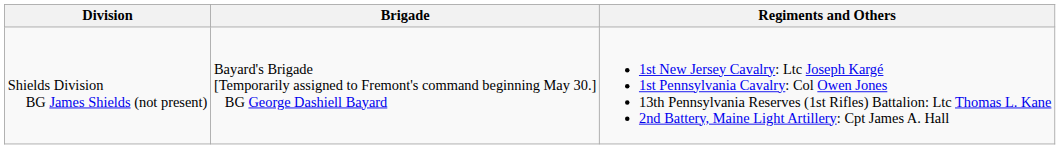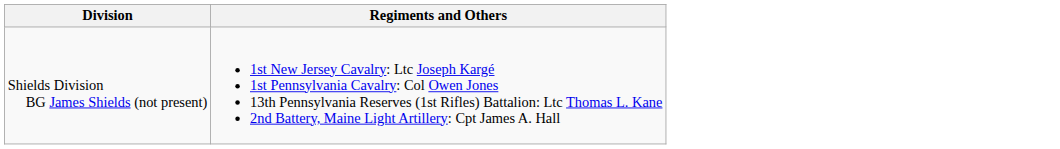 <table class="wikitable">
 <tr>
 <th>Division</th>
-<th>Brigade</th>
 <th>Regiments and Others</th>
 </tr>
 <tr>
 <td><br>Shields Division <br>     BG <a href='#'>James Shields</a> (not present)</td>
-<td>Bayard's Brigade<br>[Temporarily assigned to Fremont's command beginning May 30.]<br>    BG <a href='#'>George Dashiell Bayard</a></td>
 <td><br><ul><li><a href='#'>1st New Jersey Cavalry</a>: Ltc <a href='#'>Joseph Kargé</a></li><li><a href='#'>1st Pennsylvania Cavalry</a>: Col <a href='#'>Owen Jones</a></li><li>13th Pennsylvania Reserves (1st Rifles) Battalion: Ltc <a href='#'>Thomas L. Kane</a></li><li><a href='#'>2nd Battery, Maine Light Artillery</a>: Cpt James A. Hall</li></ul></td>
 </tr>
 </table>
